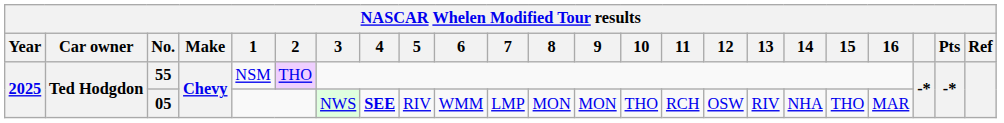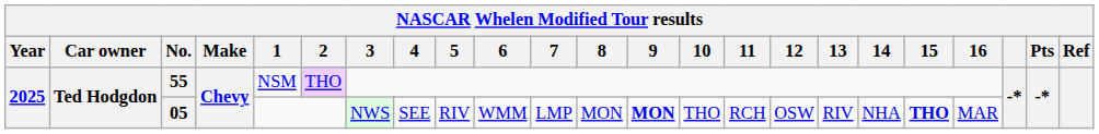 <table class="wikitable" style="text-align:center; font-size:75%">
 <tr>
 <th colspan=38><a href='#'>NASCAR</a> <a href='#'>Whelen Modified Tour</a> results</th>
 </tr>
 <tr>
 <th>Year</th>
 <th>Car owner</th>
 <th>No.</th>
 <th>Make</th>
 <th>1</th>
 <th>2</th>
 <th>3</th>
 <th>4</th>
 <th>5</th>
 <th>6</th>
 <th>7</th>
 <th>8</th>
 <th>9</th>
 <th>10</th>
 <th>11</th>
 <th>12</th>
 <th>13</th>
 <th>14</th>
 <th>15</th>
 <th>16</th>
 <th></th>
 <th>Pts</th>
 <th>Ref</th>
 </tr>
 <tr>
 <th rowspan=2><a href='#'>2025</a></th>
 <th rowspan=2>Ted Hodgdon</th>
 <th>55</th>
 <th rowspan=2><a href='#'>Chevy</a></th>
 <td><a href='#'>NSM</a></td>
 <td style="background:#EFCFFF;"><a href='#'>THO</a><br></td>
 <td colspan=14></td>
 <th rowspan=2>-*</th>
 <th rowspan=2>-*</th>
 <th rowspan=2></th>
 </tr>
 <tr>
 <th>05</th>
 <td colspan=2></td>
 <td style="background:#DFFFDF;"><a href='#'>NWS</a><br></td>
-<td><strong><a href='#'>SEE</a></strong></td>
+<td><a href='#'>SEE</a></td>
 <td><a href='#'>RIV</a></td>
 <td><a href='#'>WMM</a></td>
 <td><a href='#'>LMP</a></td>
 <td><a href='#'>MON</a></td>
-<td><a href='#'>MON</a></td>
+<td><strong><a href='#'>MON</a></strong></td>
 <td><a href='#'>THO</a></td>
 <td><a href='#'>RCH</a></td>
 <td><a href='#'>OSW</a></td>
 <td><a href='#'>RIV</a></td>
 <td><a href='#'>NHA</a></td>
-<td><a href='#'>THO</a></td>
+<td><strong><a href='#'>THO</a></strong></td>
 <td><a href='#'>MAR</a></td>
 </tr>
 </table>
